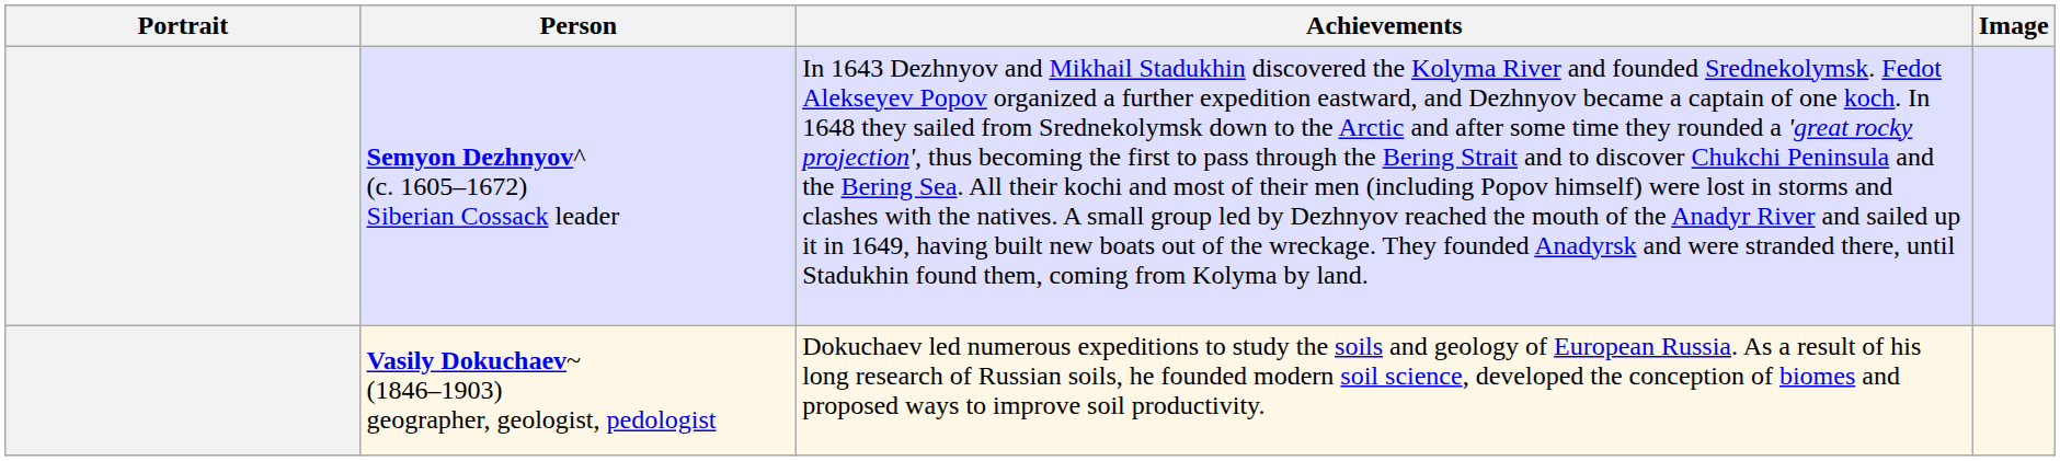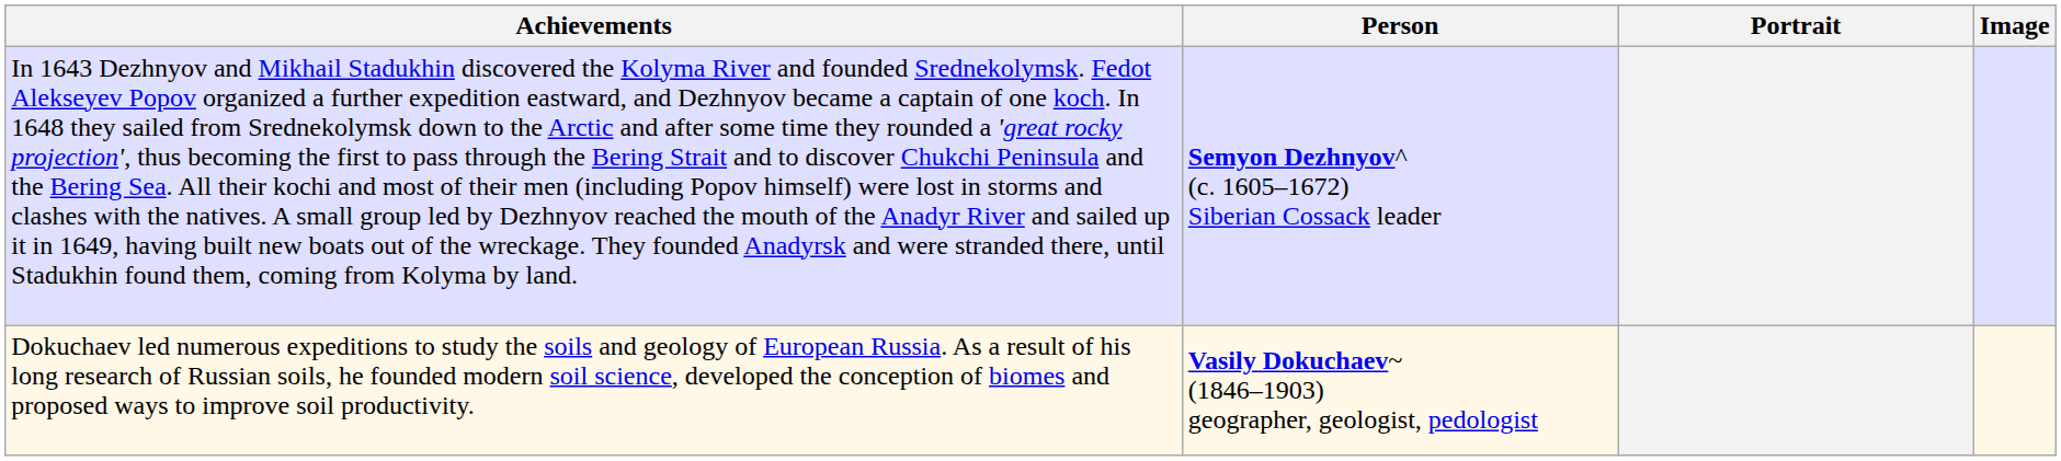 <table class="wikitable">
 <tr style="background:#ccc;">
+<th scope="col" width=60%>Achievements</th>
+<th scope="col" width=22%>Person</th>
 <th scope="col" width=18%>Portrait</th>
-<th scope="col" width=22%>Person</th>
-<th scope="col" width=60%>Achievements</th>
 <th scope="col">Image</th>
 </tr>
 <tr style="background:#dfdfff;">
+<td>In 1643 Dezhnyov and <a href='#'>Mikhail Stadukhin</a> discovered the <a href='#'>Kolyma River</a> and founded <a href='#'>Srednekolymsk</a>. <a href='#'>Fedot Alekseyev Popov</a> organized a further expedition eastward, and Dezhnyov became a captain of one <a href='#'>koch</a>. In 1648 they sailed from Srednekolymsk down to the <a href='#'>Arctic</a> and after some time they rounded a<em> '<a href='#'>great rocky projection</a>', </em>thus becoming the first to pass through the <a href='#'>Bering Strait</a> and to discover <a href='#'>Chukchi Peninsula</a> and the <a href='#'>Bering Sea</a>. All their kochi and most of their men (including Popov himself) were lost in storms and clashes with the natives. A small group led by Dezhnyov reached the mouth of the <a href='#'>Anadyr River</a> and sailed up it in 1649, having built new boats out of the wreckage. They founded <a href='#'>Anadyrsk</a> and were stranded there, until Stadukhin found them, coming from Kolyma by land.<br><br></td>
+<td><strong><a href='#'>Semyon Dezhnyov</a></strong>^<br>(c. 1605–1672)<br><a href='#'>Siberian Cossack</a> leader</td>
 <th scope="row" align=center></th>
-<td><strong><a href='#'>Semyon Dezhnyov</a></strong>^<br>(c. 1605–1672)<br><a href='#'>Siberian Cossack</a> leader</td>
-<td>In 1643 Dezhnyov and <a href='#'>Mikhail Stadukhin</a> discovered the <a href='#'>Kolyma River</a> and founded <a href='#'>Srednekolymsk</a>. <a href='#'>Fedot Alekseyev Popov</a> organized a further expedition eastward, and Dezhnyov became a captain of one <a href='#'>koch</a>. In 1648 they sailed from Srednekolymsk down to the <a href='#'>Arctic</a> and after some time they rounded a<em> '<a href='#'>great rocky projection</a>', </em>thus becoming the first to pass through the <a href='#'>Bering Strait</a> and to discover <a href='#'>Chukchi Peninsula</a> and the <a href='#'>Bering Sea</a>. All their kochi and most of their men (including Popov himself) were lost in storms and clashes with the natives. A small group led by Dezhnyov reached the mouth of the <a href='#'>Anadyr River</a> and sailed up it in 1649, having built new boats out of the wreckage. They founded <a href='#'>Anadyrsk</a> and were stranded there, until Stadukhin found them, coming from Kolyma by land.<br><br></td>
 <td align=center></td>
 </tr>
 <tr style="background:#fff8e7;">
+<td>Dokuchaev led numerous expeditions to study the <a href='#'>soils</a> and geology of <a href='#'>European Russia</a>. As a result of his long research of Russian soils, he founded modern <a href='#'>soil science</a>, developed the conception of <a href='#'>biomes</a> and proposed ways to improve soil productivity.<br><br></td>
+<td><strong><a href='#'>Vasily Dokuchaev</a></strong>~<br>(1846–1903)<br>geographer, geologist, <a href='#'>pedologist</a></td>
 <th scope="row" align=center></th>
-<td><strong><a href='#'>Vasily Dokuchaev</a></strong>~<br>(1846–1903)<br>geographer, geologist, <a href='#'>pedologist</a></td>
-<td>Dokuchaev led numerous expeditions to study the <a href='#'>soils</a> and geology of <a href='#'>European Russia</a>. As a result of his long research of Russian soils, he founded modern <a href='#'>soil science</a>, developed the conception of <a href='#'>biomes</a> and proposed ways to improve soil productivity.<br><br></td>
 <td align=center></td>
 </tr>
 </table>
